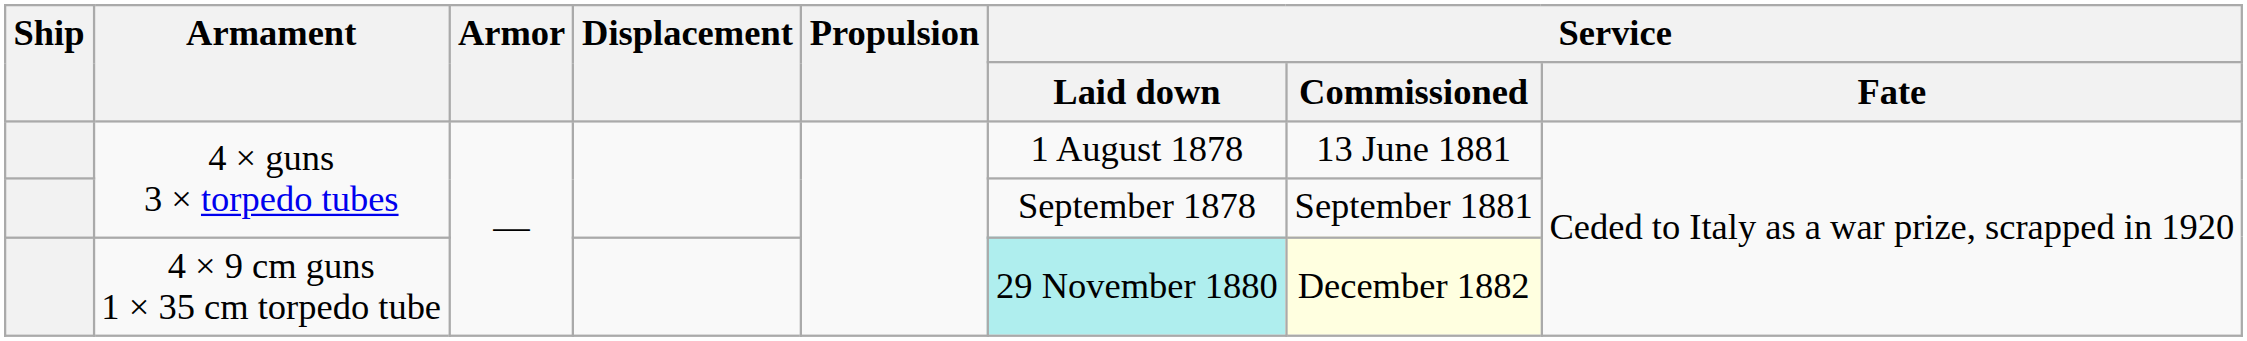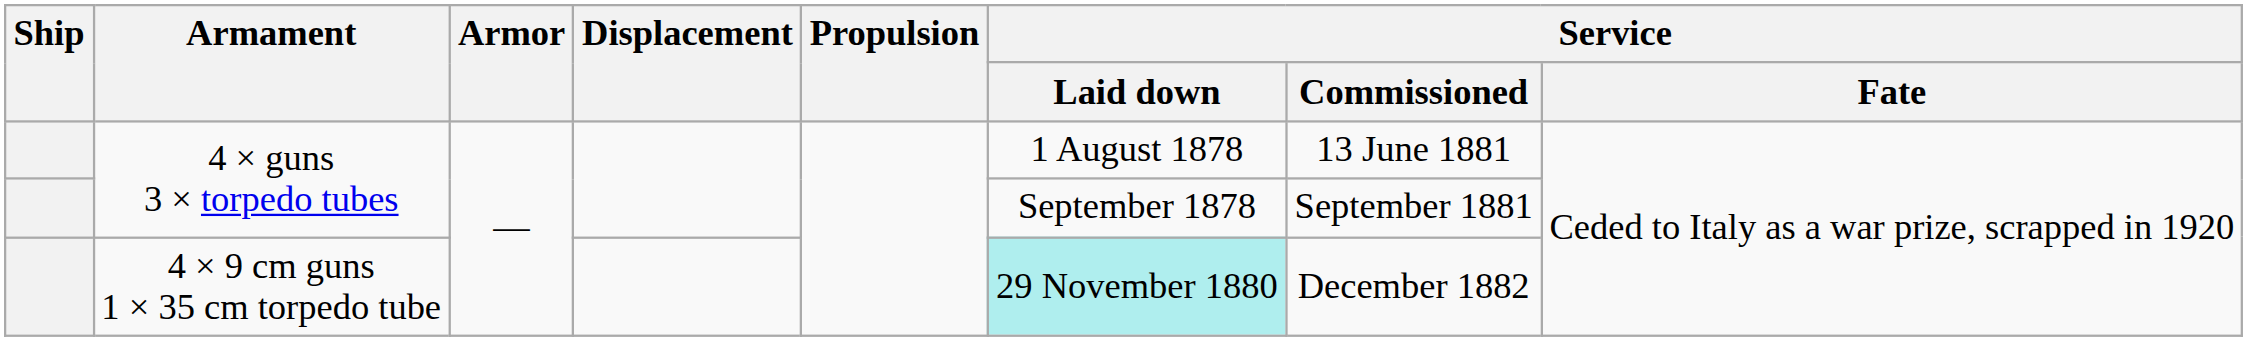 <table class="wikitable plainrowheaders" style="text-align: center;">
 <tr valign="top">
 <th scope="col" rowspan="2">Ship</th>
 <th scope="col" rowspan="2">Armament</th>
 <th scope="col" rowspan="2">Armor</th>
 <th scope="col" rowspan="2">Displacement</th>
 <th scope="col" rowspan="2">Propulsion</th>
 <th scope="col" colspan="3">Service</th>
 </tr>
 <tr valign="top">
 <th scope="col">Laid down</th>
 <th scope="col">Commissioned</th>
 <th scope="col">Fate</th>
 </tr>
 <tr valign="center">
 <th scope="row"></th>
 <td rowspan="2">4 ×  guns<br>3 ×  <a href='#'>torpedo tubes</a></td>
 <td rowspan="3">—</td>
 <td rowspan="2"></td>
 <td rowspan="3"></td>
 <td>1 August 1878</td>
 <td>13 June 1881</td>
 <td rowspan="3">Ceded to Italy as a war prize, scrapped in 1920</td>
 </tr>
 <tr valign="center">
 <th scope="row"></th>
 <td>September 1878</td>
 <td>September 1881</td>
 </tr>
 <tr valign="center">
 <th scope="row"></th>
 <td>4 × 9 cm guns<br>1 × 35 cm torpedo tube</td>
 <td></td>
 <td style="background: paleturquoise;">29 November 1880</td>
-<td style="background: lightyellow;">December 1882</td>
+<td>December 1882</td>
 </tr>
 </table>
